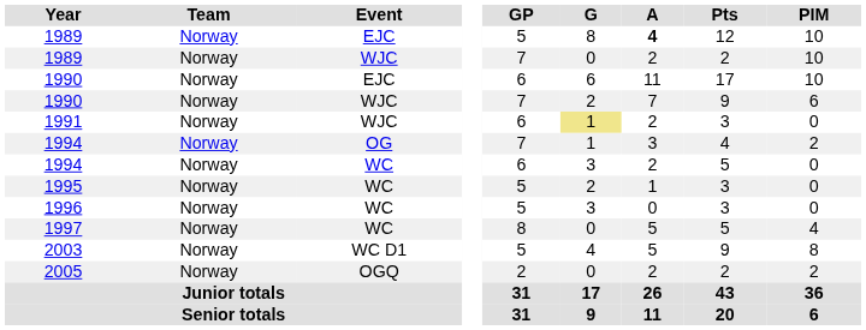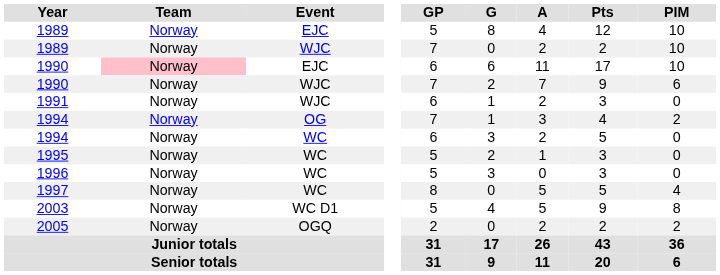 <table border="0" cellpadding="1" cellspacing="0" style="text-align:center; width:50em">
 <tr ALIGN="center" bgcolor="#e0e0e0">
 <th>Year</th>
 <th>Team</th>
 <th>Event</th>
 <th ALIGN="center" rowspan="99" bgcolor="#ffffff"> </th>
 <th>GP</th>
 <th>G</th>
 <th>A</th>
 <th>Pts</th>
 <th>PIM</th>
 </tr>
 <tr>
 <td><a href='#'>1989</a></td>
 <td><a href='#'>Norway</a></td>
 <td><a href='#'>EJC</a></td>
 <td>5</td>
 <td>8</td>
-<td><strong>4</strong></td>
+<td>4</td>
 <td>12</td>
 <td>10</td>
 </tr>
 <tr bgcolor="#f0f0f0">
 <td><a href='#'>1989</a></td>
 <td>Norway</td>
 <td><a href='#'>WJC</a></td>
 <td>7</td>
 <td>0</td>
 <td>2</td>
 <td>2</td>
 <td>10</td>
 </tr>
 <tr>
 <td><a href='#'>1990</a></td>
-<td>Norway</td>
+<td style="background: pink;">Norway</td>
 <td>EJC</td>
 <td>6</td>
 <td>6</td>
 <td>11</td>
 <td>17</td>
 <td>10</td>
 </tr>
 <tr bgcolor="#f0f0f0">
 <td><a href='#'>1990</a></td>
 <td>Norway</td>
 <td>WJC</td>
 <td>7</td>
 <td>2</td>
 <td>7</td>
 <td>9</td>
 <td>6</td>
 </tr>
 <tr>
 <td><a href='#'>1991</a></td>
 <td>Norway</td>
 <td>WJC</td>
 <td>6</td>
-<td style="background: khaki;">1</td>
+<td>1</td>
 <td>2</td>
 <td>3</td>
 <td>0</td>
 </tr>
 <tr bgcolor="#f0f0f0">
 <td><a href='#'>1994</a></td>
 <td><a href='#'>Norway</a></td>
 <td><a href='#'>OG</a></td>
 <td>7</td>
 <td>1</td>
 <td>3</td>
 <td>4</td>
 <td>2</td>
 </tr>
 <tr>
 <td><a href='#'>1994</a></td>
 <td>Norway</td>
 <td><a href='#'>WC</a></td>
 <td>6</td>
 <td>3</td>
 <td>2</td>
 <td>5</td>
 <td>0</td>
 </tr>
 <tr bgcolor="#f0f0f0">
 <td><a href='#'>1995</a></td>
 <td>Norway</td>
 <td>WC</td>
 <td>5</td>
 <td>2</td>
 <td>1</td>
 <td>3</td>
 <td>0</td>
 </tr>
 <tr>
 <td><a href='#'>1996</a></td>
 <td>Norway</td>
 <td>WC</td>
 <td>5</td>
 <td>3</td>
 <td>0</td>
 <td>3</td>
 <td>0</td>
 </tr>
 <tr bgcolor="#f0f0f0">
 <td><a href='#'>1997</a></td>
 <td>Norway</td>
 <td>WC</td>
 <td>8</td>
 <td>0</td>
 <td>5</td>
 <td>5</td>
 <td>4</td>
 </tr>
 <tr>
 <td><a href='#'>2003</a></td>
 <td>Norway</td>
 <td>WC D1</td>
 <td>5</td>
 <td>4</td>
 <td>5</td>
 <td>9</td>
 <td>8</td>
 </tr>
 <tr bgcolor="#f0f0f0">
 <td><a href='#'>2005</a></td>
 <td>Norway</td>
 <td>OGQ</td>
 <td>2</td>
 <td>0</td>
 <td>2</td>
 <td>2</td>
 <td>2</td>
 </tr>
 <tr bgcolor="#e0e0e0">
 <th colspan=3>Junior totals</th>
 <th>31</th>
 <th>17</th>
 <th>26</th>
 <th>43</th>
 <th>36</th>
 </tr>
 <tr bgcolor="#e0e0e0">
 <th colspan=3>Senior totals</th>
 <th>31</th>
 <th>9</th>
 <th>11</th>
 <th>20</th>
 <th>6</th>
 </tr>
 </table>
